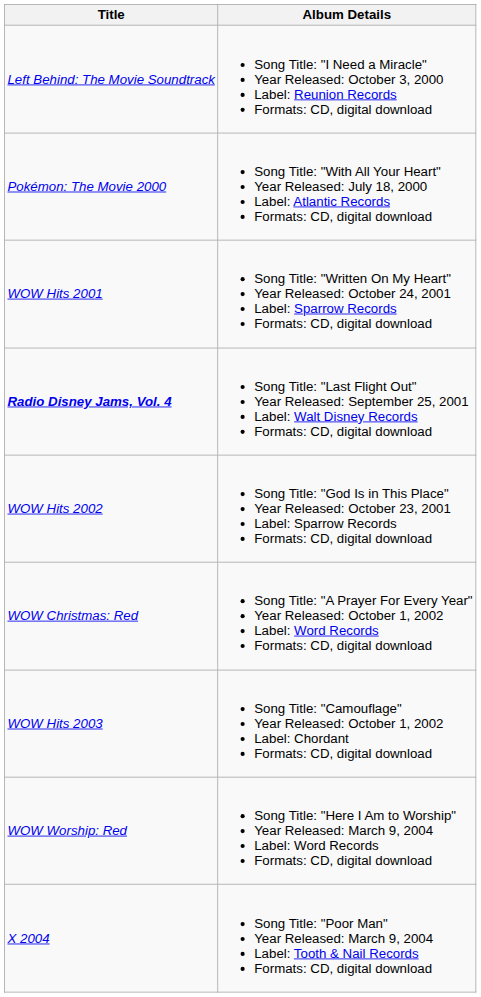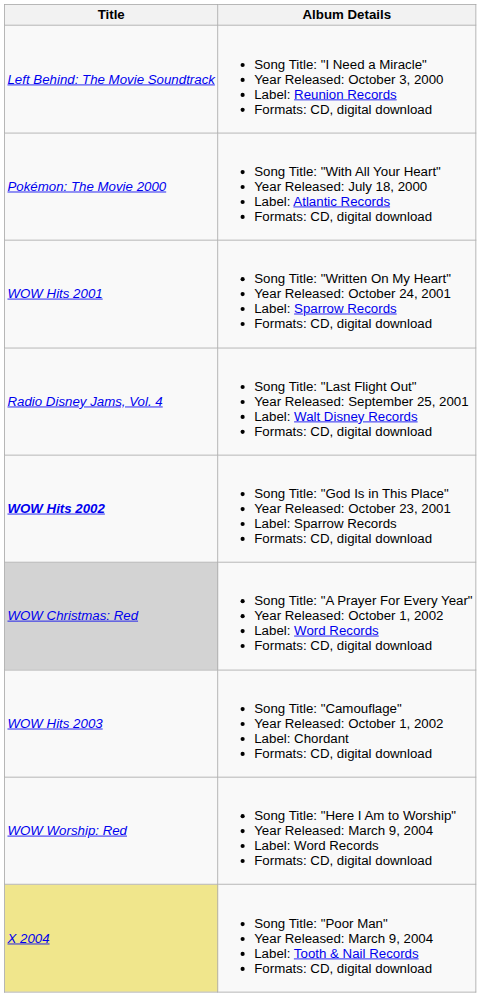 <table class=wikitable>
 <tr>
 <th align="left">Title</th>
 <th align="left">Album Details</th>
 </tr>
 <tr>
 <td scope="row"><em><a href='#'>Left Behind: The Movie Soundtrack</a></em></td>
 <td><br><ul><li>Song Title: "I Need a Miracle"</li><li>Year Released: October 3, 2000</li><li>Label: <a href='#'>Reunion Records</a></li><li>Formats: CD, digital download</li></ul></td>
 </tr>
 <tr>
 <td><em><a href='#'>Pokémon: The Movie 2000</a></em></td>
 <td><br><ul><li>Song Title: "With All Your Heart"</li><li>Year Released: July 18, 2000</li><li>Label: <a href='#'>Atlantic Records</a></li><li>Formats: CD, digital download</li></ul></td>
 </tr>
 <tr>
 <td><em><a href='#'>WOW Hits 2001</a></em></td>
 <td><br><ul><li>Song Title: "Written On My Heart"</li><li>Year Released: October 24, 2001</li><li>Label: <a href='#'>Sparrow Records</a></li><li>Formats: CD, digital download</li></ul></td>
 </tr>
 <tr>
-<td><strong><em><a href='#'>Radio Disney Jams, Vol. 4</a></em></strong></td>
+<td><em><a href='#'>Radio Disney Jams, Vol. 4</a></em></td>
 <td><br><ul><li>Song Title: "Last Flight Out"</li><li>Year Released: September 25, 2001</li><li>Label: <a href='#'>Walt Disney Records</a></li><li>Formats: CD, digital download</li></ul></td>
 </tr>
 <tr>
-<td><em><a href='#'>WOW Hits 2002</a></em></td>
+<td><strong><em><a href='#'>WOW Hits 2002</a></em></strong></td>
 <td><br><ul><li>Song Title: "God Is in This Place"</li><li>Year Released: October 23, 2001</li><li>Label: Sparrow Records</li><li>Formats: CD, digital download</li></ul></td>
 </tr>
 <tr>
-<td><em><a href='#'>WOW Christmas: Red</a></em></td>
+<td style="background: lightgrey;"><em><a href='#'>WOW Christmas: Red</a></em></td>
 <td><br><ul><li>Song Title: "A Prayer For Every Year"</li><li>Year Released: October 1, 2002</li><li>Label: <a href='#'>Word Records</a></li><li>Formats: CD, digital download</li></ul></td>
 </tr>
 <tr>
 <td><em><a href='#'>WOW Hits 2003</a></em></td>
 <td><br><ul><li>Song Title: "Camouflage"</li><li>Year Released: October 1, 2002</li><li>Label: Chordant</li><li>Formats: CD, digital download</li></ul></td>
 </tr>
 <tr>
 <td><em><a href='#'>WOW Worship: Red</a></em></td>
 <td><br><ul><li>Song Title: "Here I Am to Worship"</li><li>Year Released: March 9, 2004</li><li>Label: Word Records</li><li>Formats: CD, digital download</li></ul></td>
 </tr>
 <tr>
-<td><em><a href='#'>X 2004</a></em></td>
+<td style="background: khaki;"><em><a href='#'>X 2004</a></em></td>
 <td><br><ul><li>Song Title: "Poor Man"</li><li>Year Released: March 9, 2004</li><li>Label: <a href='#'>Tooth & Nail Records</a></li><li>Formats: CD, digital download</li></ul></td>
 </tr>
 </table>
